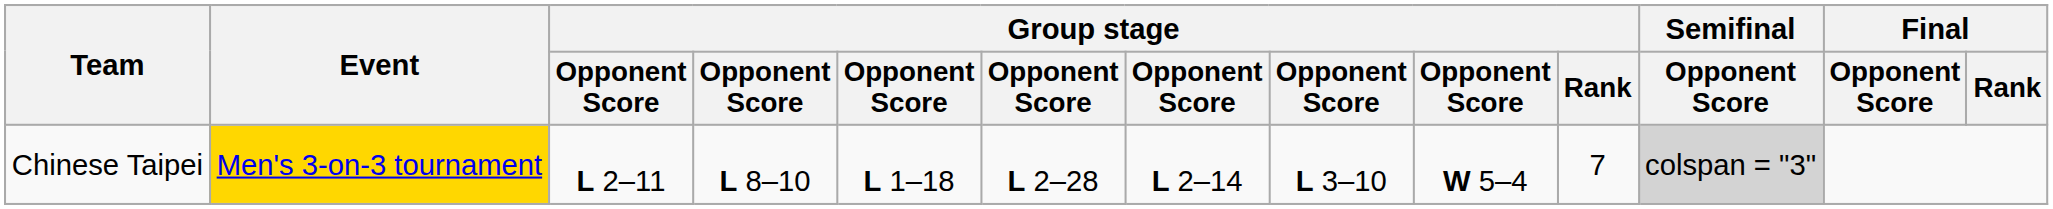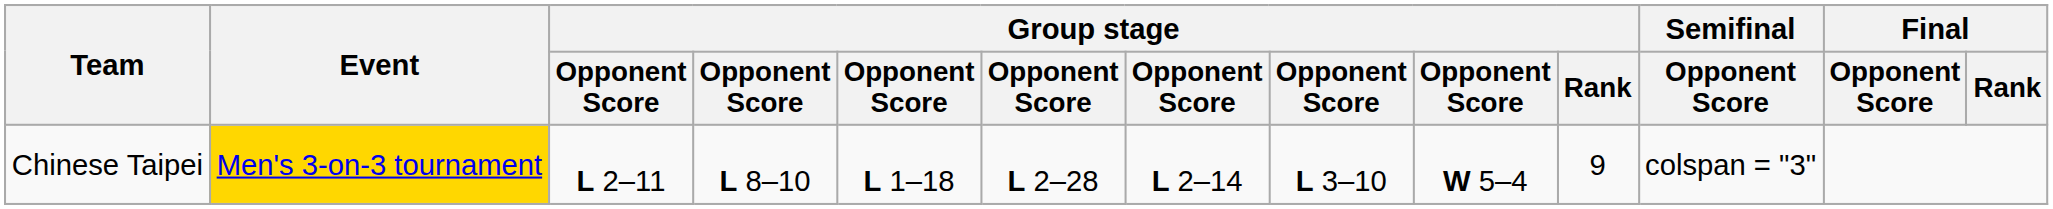 <table class="wikitable" style="font-size:90%">
 <tr>
 <th rowspan="2">Team</th>
 <th rowspan="2">Event</th>
 <th colspan="8">Group stage</th>
 <th>Semifinal</th>
 <th colspan="2">Final</th>
 </tr>
 <tr style="font-size:95%">
 <th>Opponent<br>Score</th>
 <th>Opponent<br>Score</th>
 <th>Opponent<br>Score</th>
 <th>Opponent<br>Score</th>
 <th>Opponent<br>Score</th>
 <th>Opponent<br>Score</th>
 <th>Opponent<br>Score</th>
 <th>Rank</th>
 <th>Opponent<br>Score</th>
 <th>Opponent<br>Score</th>
 <th>Rank</th>
 </tr>
 <tr align="center">
 <td align="left">Chinese Taipei</td>
 <td align="left" style="background: gold;"><a href='#'>Men's 3-on-3 tournament</a></td>
 <td><br><strong>L</strong> 2–11</td>
 <td><br><strong>L</strong> 8–10</td>
 <td><br><strong>L</strong> 1–18</td>
 <td><br><strong>L</strong> 2–28</td>
 <td><br><strong>L</strong> 2–14</td>
 <td><br><strong>L</strong> 3–10</td>
 <td><br><strong>W</strong> 5–4</td>
-<td>7</td>
-<td style="background: lightgrey;">colspan = "3" </td>
+<td>9</td>
+<td>colspan = "3" </td>
 </tr>
 </table>
